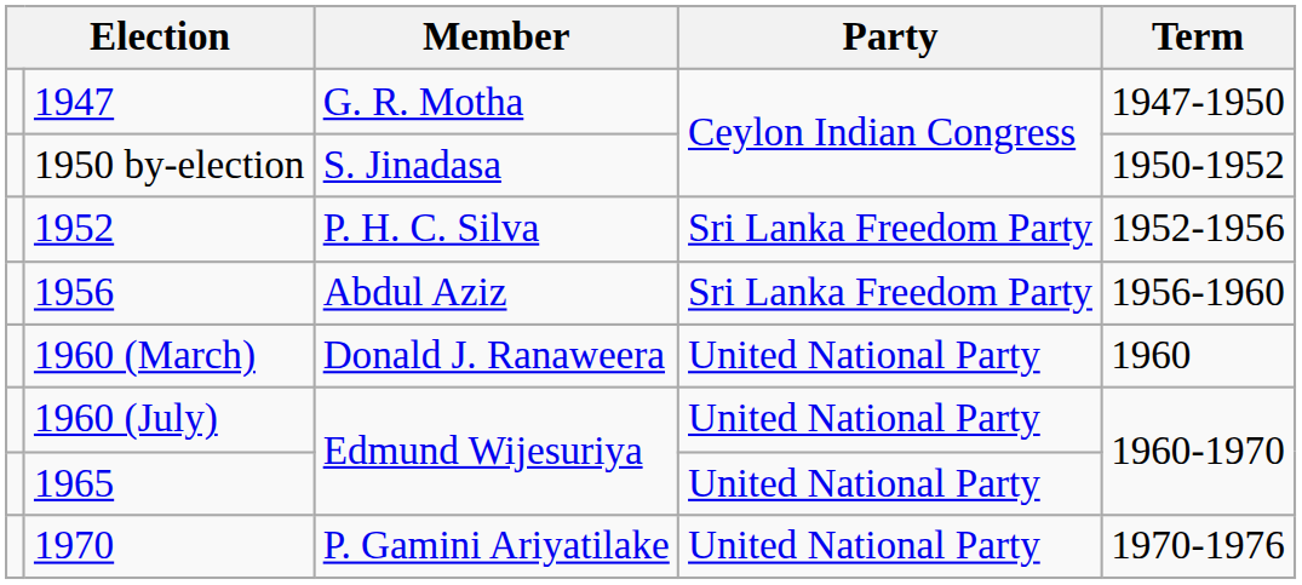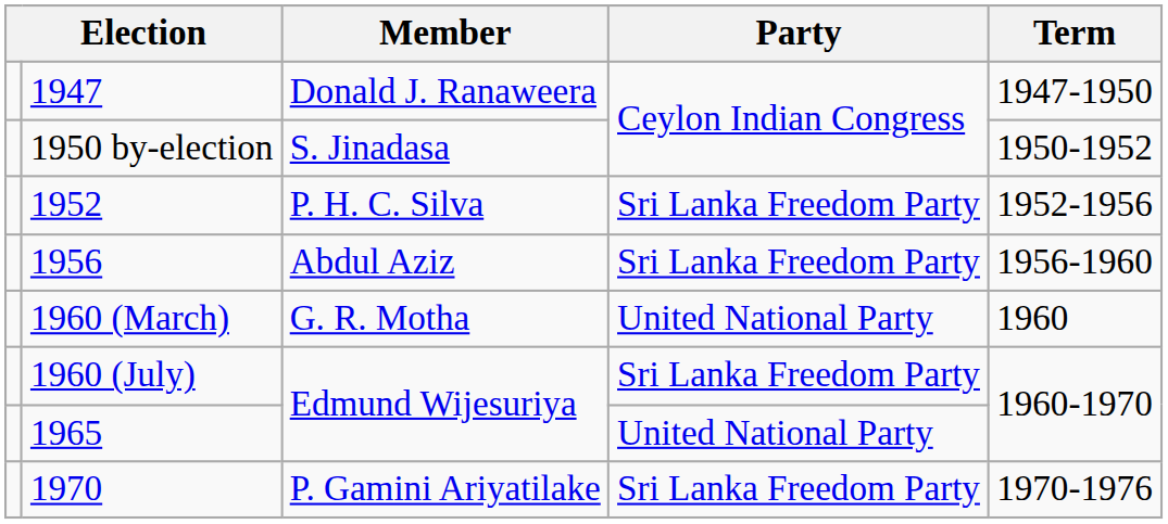 <table class="wikitable">
 <tr>
 <th colspan="2">Election</th>
 <th>Member</th>
 <th>Party</th>
 <th>Term</th>
 </tr>
 <tr>
 <td style="background-color: "></td>
 <td><a href='#'>1947</a></td>
-<td><a href='#'>G. R. Motha</a></td>
+<td><a href='#'>Donald J. Ranaweera</a></td>
 <td rowspan=2><a href='#'>Ceylon Indian Congress</a></td>
 <td>1947-1950</td>
 </tr>
 <tr>
 <td style="background-color: "></td>
 <td>1950 by-election</td>
 <td><a href='#'>S. Jinadasa</a></td>
 <td>1950-1952</td>
 </tr>
 <tr>
 <td style="background-color: "></td>
 <td><a href='#'>1952</a></td>
 <td><a href='#'>P. H. C. Silva</a></td>
 <td><a href='#'>Sri Lanka Freedom Party</a></td>
 <td>1952-1956</td>
 </tr>
 <tr>
 <td style="background-color: "></td>
 <td><a href='#'>1956</a></td>
 <td><a href='#'>Abdul Aziz</a></td>
 <td><a href='#'>Sri Lanka Freedom Party</a></td>
 <td>1956-1960</td>
 </tr>
 <tr>
 <td style="background-color: "></td>
 <td><a href='#'>1960 (March)</a></td>
-<td><a href='#'>Donald J. Ranaweera</a></td>
+<td><a href='#'>G. R. Motha</a></td>
 <td><a href='#'>United National Party</a></td>
 <td>1960</td>
 </tr>
 <tr>
 <td style="background-color: "></td>
 <td><a href='#'>1960 (July)</a></td>
 <td rowspan=2><a href='#'>Edmund Wijesuriya</a></td>
-<td><a href='#'>United National Party</a></td>
+<td><a href='#'>Sri Lanka Freedom Party</a></td>
 <td rowspan=2>1960-1970</td>
 </tr>
 <tr>
 <td style="background-color: "></td>
 <td><a href='#'>1965</a></td>
 <td><a href='#'>United National Party</a></td>
 </tr>
 <tr>
 <td style="background-color: "></td>
 <td><a href='#'>1970</a></td>
 <td><a href='#'>P. Gamini Ariyatilake</a></td>
-<td><a href='#'>United National Party</a></td>
+<td><a href='#'>Sri Lanka Freedom Party</a></td>
 <td>1970-1976</td>
 </tr>
 </table>
